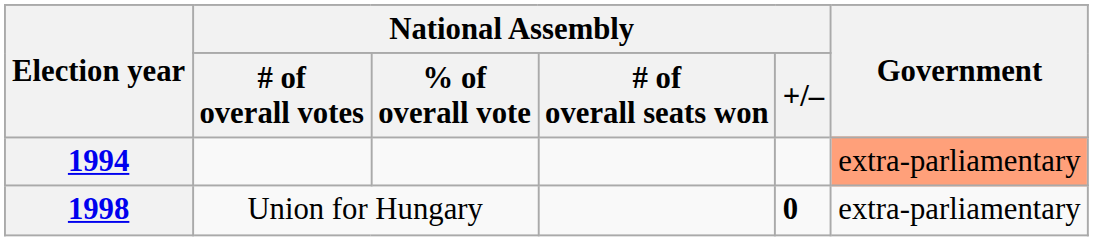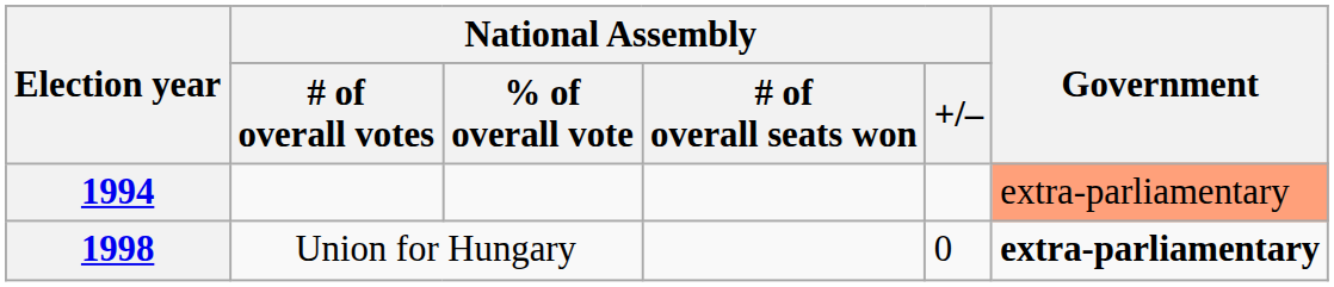 <table class=wikitable>
 <tr>
 <th rowspan=2>Election year</th>
 <th colspan=4>National Assembly</th>
 <th rowspan=2>Government</th>
 </tr>
 <tr>
 <th># of<br>overall votes</th>
 <th>% of<br>overall vote</th>
 <th># of<br>overall seats won</th>
 <th>+/–</th>
 </tr>
 <tr>
 <th><a href='#'>1994</a></th>
 <td></td>
 <td></td>
 <td></td>
 <td></td>
 <td style="background: lightsalmon;">extra-parliamentary</td>
 </tr>
 <tr>
 <th><a href='#'>1998</a></th>
 <td colspan="2" style="text-align:center;">Union for Hungary</td>
 <td></td>
-<td><strong> 0</strong></td>
-<td>extra-parliamentary</td>
+<td> 0</td>
+<td><strong>extra-parliamentary</strong></td>
 </tr>
 </table>
